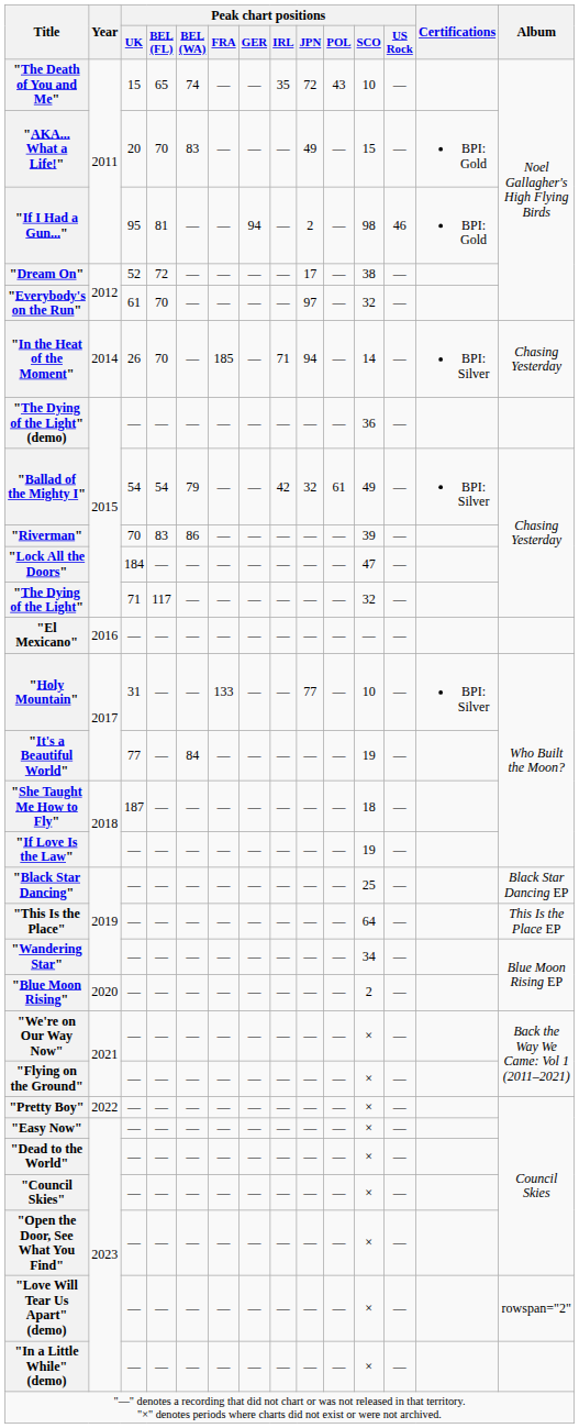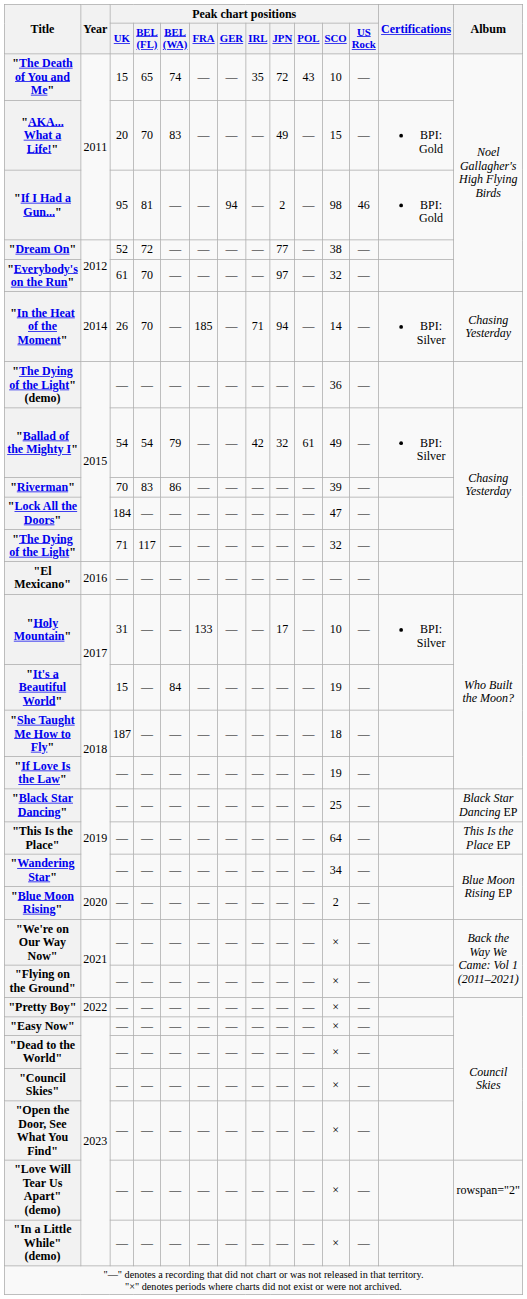 <table class="wikitable plainrowheaders" style="text-align:center;">
 <tr>
 <th scope="col" rowspan="2">Title</th>
 <th scope="col" rowspan="2">Year</th>
 <th scope="col" colspan="10">Peak chart positions</th>
 <th scope="col" rowspan="2"><a href='#'>Certifications</a></th>
 <th scope="col" rowspan="2">Album</th>
 </tr>
 <tr>
 <th scope="col" style="width:3em;font-size:90%;"><a href='#'>UK</a><br></th>
 <th scope="col" style="width:3em;font-size:90%;"><a href='#'>BEL<br>(FL)</a><br></th>
 <th scope="col" style="width:3em;font-size:90%;"><a href='#'>BEL<br>(WA)</a><br></th>
 <th scope="col" style="width:3em;font-size:90%;"><a href='#'>FRA</a><br></th>
 <th scope="col" style="width:3em;font-size:90%;"><a href='#'>GER</a><br></th>
 <th scope="col" style="width:3em;font-size:90%;"><a href='#'>IRL</a><br></th>
 <th scope="col" style="width:3em;font-size:90%;"><a href='#'>JPN</a><br></th>
 <th scope="col" style="width:3em;font-size:90%;"><a href='#'>POL</a><br></th>
 <th scope="col" style="width:3em;font-size:90%;"><a href='#'>SCO</a><br></th>
 <th scope="col" style="width:3em;font-size:90%;"><a href='#'>US<br>Rock</a><br></th>
 </tr>
 <tr>
 <th scope="row">"<a href='#'>The Death of You and Me</a>"</th>
 <td rowspan="3">2011</td>
 <td>15</td>
 <td>65</td>
 <td>74</td>
 <td>—</td>
 <td>—</td>
 <td>35</td>
 <td>72</td>
 <td>43</td>
 <td>10</td>
 <td>—</td>
 <td></td>
 <td rowspan="5"><em>Noel Gallagher's High Flying Birds</em></td>
 </tr>
 <tr>
 <th scope="row">"<a href='#'>AKA... What a Life!</a>"</th>
 <td>20</td>
 <td>70</td>
 <td>83</td>
 <td>—</td>
 <td>—</td>
 <td>—</td>
 <td>49</td>
 <td>—</td>
 <td>15</td>
 <td>—</td>
 <td><br><ul><li>BPI: Gold</li></ul></td>
 </tr>
 <tr>
 <th scope="row">"<a href='#'>If I Had a Gun...</a>"</th>
 <td>95</td>
 <td>81</td>
 <td>—</td>
 <td>—</td>
 <td>94</td>
 <td>—</td>
 <td>2</td>
 <td>—</td>
 <td>98</td>
 <td>46</td>
 <td><br><ul><li>BPI: Gold</li></ul></td>
 </tr>
 <tr>
 <th scope="row">"<a href='#'>Dream On</a>"</th>
 <td rowspan="2">2012</td>
 <td>52</td>
 <td>72</td>
 <td>—</td>
 <td>—</td>
 <td>—</td>
 <td>—</td>
-<td>17</td>
+<td>77</td>
 <td>—</td>
 <td>38</td>
 <td>—</td>
 <td></td>
 </tr>
 <tr>
 <th scope="row">"<a href='#'>Everybody's on the Run</a>"</th>
 <td>61</td>
 <td>70</td>
 <td>—</td>
 <td>—</td>
 <td>—</td>
 <td>—</td>
 <td>97</td>
 <td>—</td>
 <td>32</td>
 <td>—</td>
 <td></td>
 </tr>
 <tr>
 <th scope="row">"<a href='#'>In the Heat of the Moment</a>"</th>
 <td>2014</td>
 <td>26</td>
 <td>70</td>
 <td>—</td>
 <td>185</td>
 <td>—</td>
 <td>71</td>
 <td>94</td>
 <td>—</td>
 <td>14</td>
 <td>—</td>
 <td><br><ul><li>BPI: Silver</li></ul></td>
 <td><em>Chasing Yesterday</em></td>
 </tr>
 <tr>
 <th scope="row">"<a href='#'>The Dying of the Light</a>" (demo)</th>
 <td rowspan="5">2015</td>
 <td>—</td>
 <td>—</td>
 <td>—</td>
 <td>—</td>
 <td>—</td>
 <td>—</td>
 <td>—</td>
 <td>—</td>
 <td>36</td>
 <td>—</td>
 <td></td>
 <td></td>
 </tr>
 <tr>
 <th scope="row">"<a href='#'>Ballad of the Mighty I</a>"</th>
 <td>54</td>
 <td>54</td>
 <td>79</td>
 <td>—</td>
 <td>—</td>
 <td>42</td>
 <td>32</td>
 <td>61</td>
 <td>49</td>
 <td>—</td>
 <td><br><ul><li>BPI: Silver</li></ul></td>
 <td rowspan="4"><em>Chasing Yesterday</em></td>
 </tr>
 <tr>
 <th scope="row">"<a href='#'>Riverman</a>"</th>
 <td>70</td>
 <td>83</td>
 <td>86</td>
 <td>—</td>
 <td>—</td>
 <td>—</td>
 <td>—</td>
 <td>—</td>
 <td>39</td>
 <td>—</td>
 <td></td>
 </tr>
 <tr>
 <th scope="row">"<a href='#'>Lock All the Doors</a>"</th>
 <td>184</td>
 <td>—</td>
 <td>—</td>
 <td>—</td>
 <td>—</td>
 <td>—</td>
 <td>—</td>
 <td>—</td>
 <td>47</td>
 <td>—</td>
 <td></td>
 </tr>
 <tr>
 <th scope="row">"<a href='#'>The Dying of the Light</a>"</th>
 <td>71</td>
 <td>117</td>
 <td>—</td>
 <td>—</td>
 <td>—</td>
 <td>—</td>
 <td>—</td>
 <td>—</td>
 <td>32</td>
 <td>—</td>
 <td></td>
 </tr>
 <tr>
 <th scope="row">"El Mexicano"<br></th>
 <td>2016</td>
 <td>—</td>
 <td>—</td>
 <td>—</td>
 <td>—</td>
 <td>—</td>
 <td>—</td>
 <td>—</td>
 <td>—</td>
 <td>—</td>
 <td>—</td>
 <td></td>
 <td></td>
 </tr>
 <tr>
 <th scope="row">"<a href='#'>Holy Mountain</a>"</th>
 <td rowspan="2">2017</td>
 <td>31</td>
 <td>—</td>
 <td>—</td>
 <td>133</td>
 <td>—</td>
 <td>—</td>
-<td>77</td>
+<td>17</td>
 <td>—</td>
 <td>10</td>
 <td>—</td>
 <td><br><ul><li>BPI: Silver</li></ul></td>
 <td rowspan="4"><em>Who Built the Moon?</em></td>
 </tr>
 <tr>
 <th scope="row">"<a href='#'>It's a Beautiful World</a>"</th>
-<td>77</td>
+<td>15</td>
 <td>—</td>
 <td>84</td>
 <td>—</td>
 <td>—</td>
 <td>—</td>
 <td>—</td>
 <td>—</td>
 <td>19</td>
 <td>—</td>
 <td></td>
 </tr>
 <tr>
 <th scope="row">"<a href='#'>She Taught Me How to Fly</a>"</th>
 <td rowspan="2">2018</td>
 <td>187</td>
 <td>—</td>
 <td>—</td>
 <td>—</td>
 <td>—</td>
 <td>—</td>
 <td>—</td>
 <td>—</td>
 <td>18</td>
 <td>—</td>
 <td></td>
 </tr>
 <tr>
 <th scope="row">"<a href='#'>If Love Is the Law</a>"</th>
 <td>—</td>
 <td>—</td>
 <td>—</td>
 <td>—</td>
 <td>—</td>
 <td>—</td>
 <td>—</td>
 <td>—</td>
 <td>19</td>
 <td>—</td>
 <td></td>
 </tr>
 <tr>
 <th scope="row">"<a href='#'>Black Star Dancing</a>"</th>
 <td rowspan="3">2019</td>
 <td>—</td>
 <td>—</td>
 <td>—</td>
 <td>—</td>
 <td>—</td>
 <td>—</td>
 <td>—</td>
 <td>—</td>
 <td>25</td>
 <td>—</td>
 <td></td>
 <td><em>Black Star Dancing</em> EP</td>
 </tr>
 <tr>
 <th scope="row">"This Is the Place"</th>
 <td>—</td>
 <td>—</td>
 <td>—</td>
 <td>—</td>
 <td>—</td>
 <td>—</td>
 <td>—</td>
 <td>—</td>
 <td>64</td>
 <td>—</td>
 <td></td>
 <td><em>This Is the Place</em> EP</td>
 </tr>
 <tr>
 <th scope="row">"<a href='#'>Wandering Star</a>"</th>
 <td>—</td>
 <td>—</td>
 <td>—</td>
 <td>—</td>
 <td>—</td>
 <td>—</td>
 <td>—</td>
 <td>—</td>
 <td>34</td>
 <td>—</td>
 <td></td>
 <td rowspan="2"><em>Blue Moon Rising</em> EP</td>
 </tr>
 <tr>
 <th scope="row">"<a href='#'>Blue Moon Rising</a>"</th>
 <td>2020</td>
 <td>—</td>
 <td>—</td>
 <td>—</td>
 <td>—</td>
 <td>—</td>
 <td>—</td>
 <td>—</td>
 <td>—</td>
 <td>2</td>
 <td>—</td>
 <td></td>
 </tr>
 <tr>
 <th scope="row">"We're on Our Way Now"</th>
 <td rowspan="2">2021</td>
 <td>—</td>
 <td>—</td>
 <td>—</td>
 <td>—</td>
 <td>—</td>
 <td>—</td>
 <td>—</td>
 <td>—</td>
 <td>×</td>
 <td>—</td>
 <td></td>
 <td rowspan="2"><em>Back the Way We Came: Vol 1 (2011–2021)</em></td>
 </tr>
 <tr>
 <th scope="row">"Flying on the Ground"</th>
 <td>—</td>
 <td>—</td>
 <td>—</td>
 <td>—</td>
 <td>—</td>
 <td>—</td>
 <td>—</td>
 <td>—</td>
 <td>×</td>
 <td>—</td>
 <td></td>
 </tr>
 <tr>
 <th scope="row">"Pretty Boy"</th>
 <td>2022</td>
 <td>—</td>
 <td>—</td>
 <td>—</td>
 <td>—</td>
 <td>—</td>
 <td>—</td>
 <td>—</td>
 <td>—</td>
 <td>×</td>
 <td>—</td>
 <td></td>
 <td rowspan="5"><em>Council Skies</em></td>
 </tr>
 <tr>
 <th scope="row">"Easy Now"</th>
 <td rowspan="6">2023</td>
 <td>—</td>
 <td>—</td>
 <td>—</td>
 <td>—</td>
 <td>—</td>
 <td>—</td>
 <td>—</td>
 <td>—</td>
 <td>×</td>
 <td>—</td>
 <td></td>
 </tr>
 <tr>
 <th scope="row">"Dead to the World"</th>
 <td>—</td>
 <td>—</td>
 <td>—</td>
 <td>—</td>
 <td>—</td>
 <td>—</td>
 <td>—</td>
 <td>—</td>
 <td>×</td>
 <td>—</td>
 <td></td>
 </tr>
 <tr>
 <th scope="row">"Council Skies"</th>
 <td>—</td>
 <td>—</td>
 <td>—</td>
 <td>—</td>
 <td>—</td>
 <td>—</td>
 <td>—</td>
 <td>—</td>
 <td>×</td>
 <td>—</td>
 <td></td>
 </tr>
 <tr>
 <th scope="row">"Open the Door, See What You Find"</th>
 <td>—</td>
 <td>—</td>
 <td>—</td>
 <td>—</td>
 <td>—</td>
 <td>—</td>
 <td>—</td>
 <td>—</td>
 <td>×</td>
 <td>—</td>
 <td></td>
 </tr>
 <tr>
 <th scope="row">"Love Will Tear Us Apart" (demo)</th>
 <td>—</td>
 <td>—</td>
 <td>—</td>
 <td>—</td>
 <td>—</td>
 <td>—</td>
 <td>—</td>
 <td>—</td>
 <td>×</td>
 <td>—</td>
 <td></td>
 <td>rowspan="2" </td>
 </tr>
 <tr>
 <th scope="row">"In a Little While" (demo)</th>
 <td>—</td>
 <td>—</td>
 <td>—</td>
 <td>—</td>
 <td>—</td>
 <td>—</td>
 <td>—</td>
 <td>—</td>
 <td>×</td>
 <td>—</td>
 <td></td>
 </tr>
 <tr>
 <td colspan="14" style="font-size:85%">"—" denotes a recording that did not chart or was not released in that territory.<br>"×" denotes periods where charts did not exist or were not archived.</td>
 </tr>
 </table>
